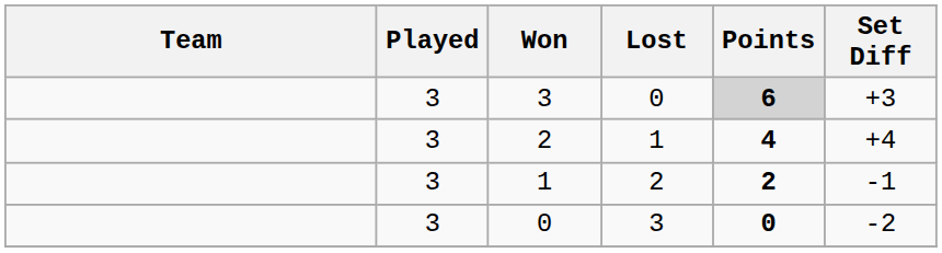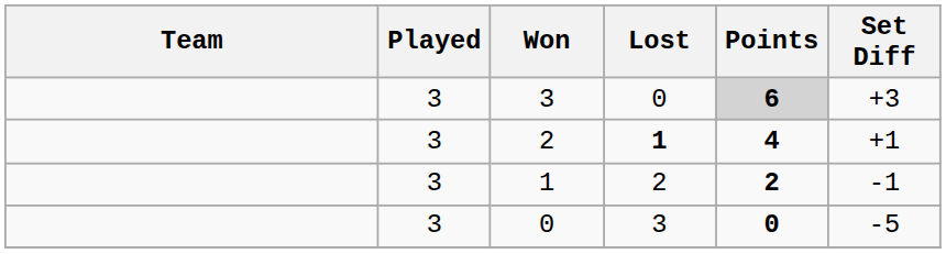 <table class=wikitable style="text-align:center">
 <tr>
 <th width=180>Team</th>
 <th width=50>Played</th>
 <th width=50>Won</th>
 <th width=50>Lost</th>
 <th width=50>Points</th>
 <th width=50>Set Diff</th>
 </tr>
 <tr>
 <td align=left></td>
 <td>3</td>
 <td>3</td>
 <td>0</td>
 <td style="background: lightgrey;"><strong>6</strong></td>
 <td>+3</td>
 </tr>
 <tr>
 <td align=left></td>
 <td>3</td>
 <td>2</td>
-<td>1</td>
+<td><strong>1</strong></td>
 <td><strong>4</strong></td>
-<td>+4</td>
+<td>+1</td>
 </tr>
 <tr>
 <td align=left></td>
 <td>3</td>
 <td>1</td>
 <td>2</td>
 <td><strong>2</strong></td>
 <td>-1</td>
 </tr>
 <tr>
 <td align=left></td>
 <td>3</td>
 <td>0</td>
 <td>3</td>
 <td><strong>0</strong></td>
-<td>-2</td>
+<td>-5</td>
 </tr>
 <tr>
 </tr>
 </table>
